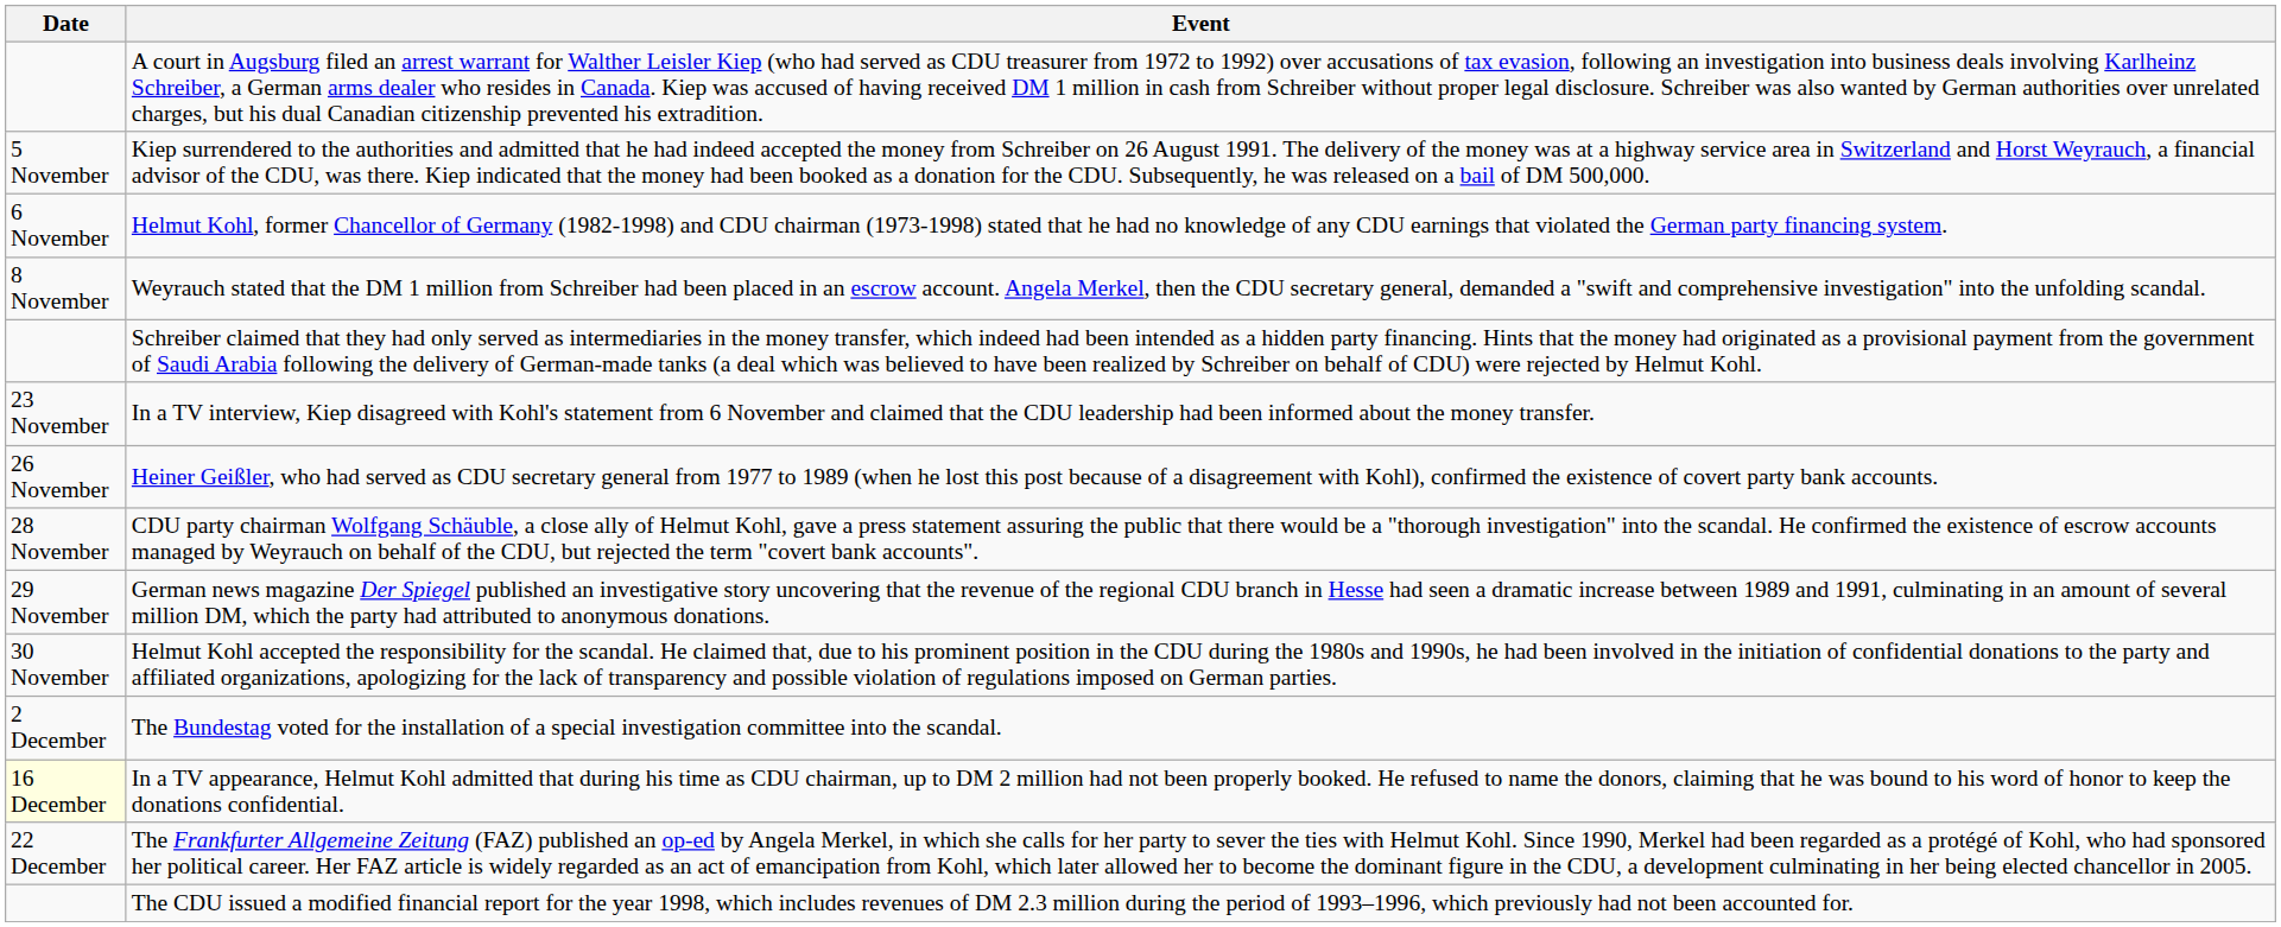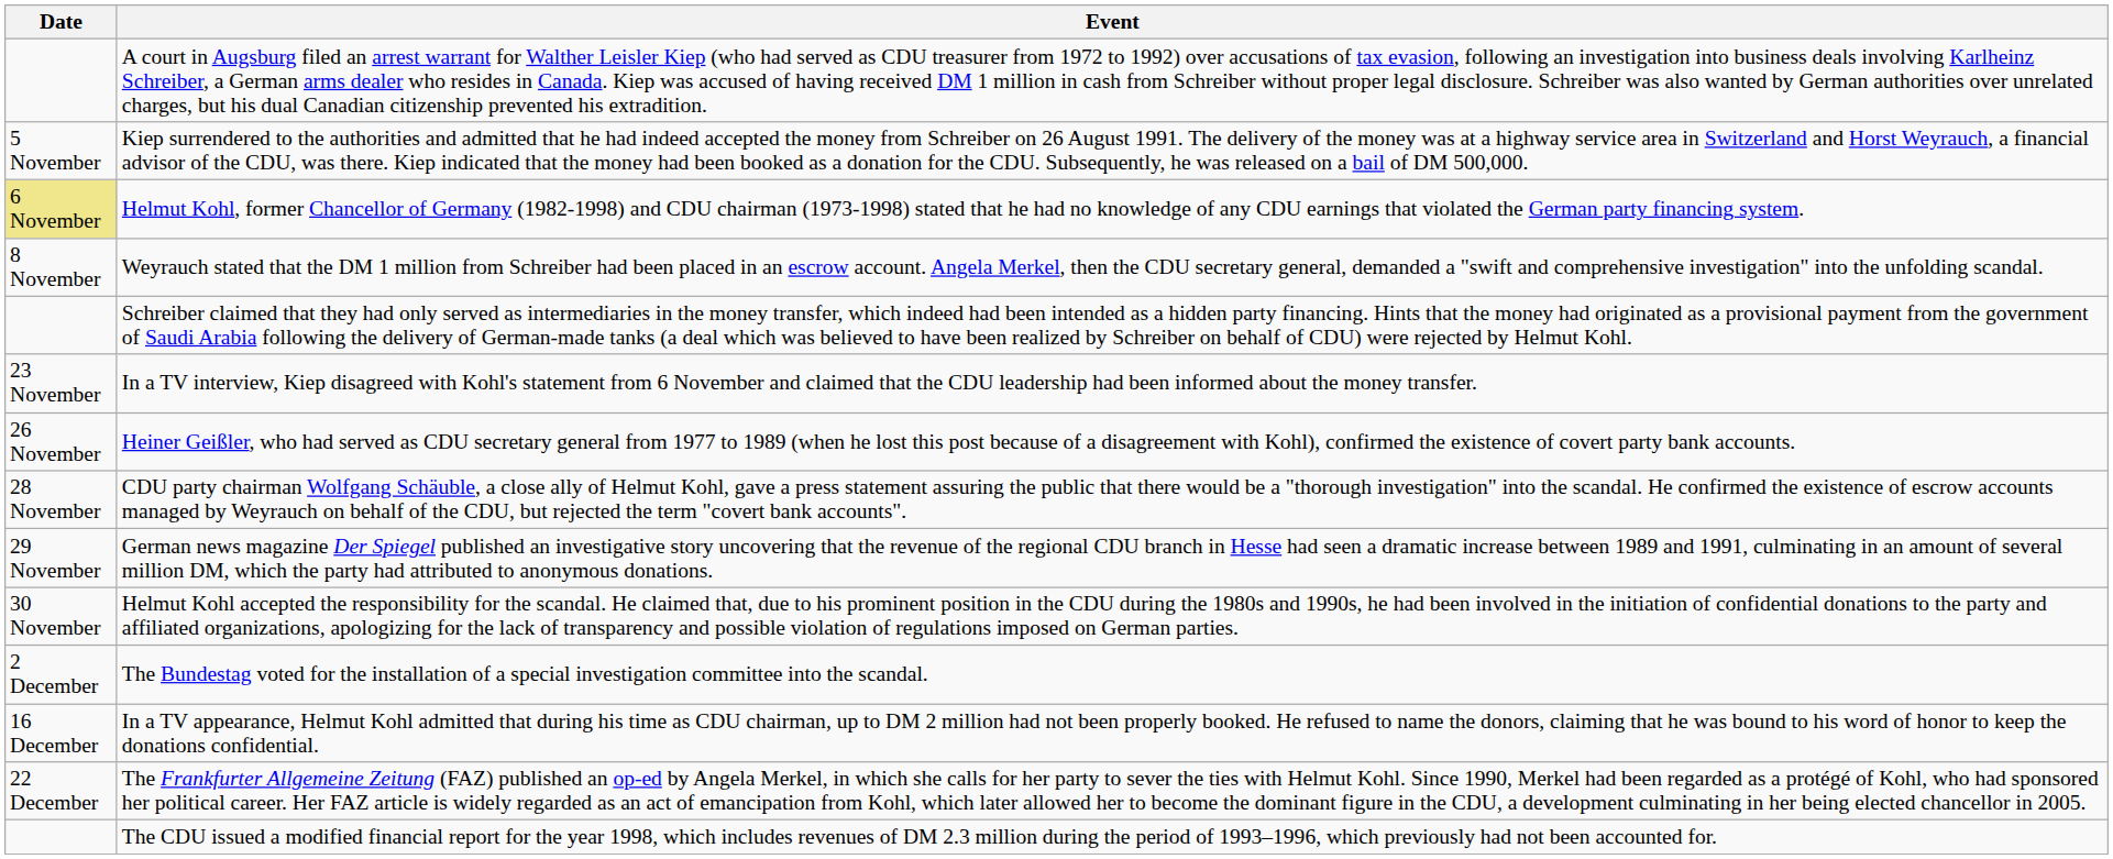 <table class="wikitable">
 <tr>
 <th>Date</th>
 <th>Event</th>
 </tr>
 <tr>
 <td></td>
 <td>A court in <a href='#'>Augsburg</a> filed an <a href='#'>arrest warrant</a> for <a href='#'>Walther Leisler Kiep</a> (who had served as CDU treasurer from 1972 to 1992) over accusations of <a href='#'>tax evasion</a>, following an investigation into business deals involving <a href='#'>Karlheinz Schreiber</a>, a German <a href='#'>arms dealer</a> who resides in <a href='#'>Canada</a>. Kiep was accused of having received <a href='#'>DM</a> 1 million in cash from Schreiber without proper legal disclosure. Schreiber was also wanted by German authorities over unrelated charges, but his dual Canadian citizenship prevented his extradition.</td>
 </tr>
 <tr>
 <td>5 November</td>
 <td>Kiep surrendered to the authorities and admitted that he had indeed accepted the money from Schreiber on 26 August 1991. The delivery of the money was at a highway service area in <a href='#'>Switzerland</a> and <a href='#'>Horst Weyrauch</a>, a financial advisor of the CDU, was there. Kiep indicated that the money had been booked as a donation for the CDU. Subsequently, he was released on a <a href='#'>bail</a> of DM 500,000.</td>
 </tr>
 <tr>
-<td>6 November</td>
+<td style="background: khaki;">6 November</td>
 <td><a href='#'>Helmut Kohl</a>, former <a href='#'>Chancellor of Germany</a> (1982-1998) and CDU chairman (1973-1998) stated that he had no knowledge of any CDU earnings that violated the <a href='#'>German party financing system</a>.</td>
 </tr>
 <tr>
 <td>8 November</td>
 <td>Weyrauch stated that the DM 1 million from Schreiber had been placed in an <a href='#'>escrow</a> account. <a href='#'>Angela Merkel</a>, then the CDU secretary general, demanded a "swift and comprehensive investigation" into the unfolding scandal.</td>
 </tr>
 <tr>
 <td></td>
 <td>Schreiber claimed that they had only served as intermediaries in the money transfer, which indeed had been intended as a hidden party financing. Hints that the money had originated as a provisional payment from the government of <a href='#'>Saudi Arabia</a> following the delivery of German-made tanks (a deal which was believed to have been realized by Schreiber on behalf of CDU) were rejected by Helmut Kohl.</td>
 </tr>
 <tr>
 <td>23 November</td>
 <td>In a TV interview, Kiep disagreed with Kohl's statement from 6 November and claimed that the CDU leadership had been informed about the money transfer.</td>
 </tr>
 <tr>
 <td>26 November</td>
 <td><a href='#'>Heiner Geißler</a>, who had served as CDU secretary general from 1977 to 1989 (when he lost this post because of a disagreement with Kohl), confirmed the existence of covert party bank accounts.</td>
 </tr>
 <tr>
 <td>28 November</td>
 <td>CDU party chairman <a href='#'>Wolfgang Schäuble</a>, a close ally of Helmut Kohl, gave a press statement assuring the public that there would be a "thorough investigation" into the scandal. He confirmed the existence of escrow accounts managed by Weyrauch on behalf of the CDU, but rejected the term "covert bank accounts".</td>
 </tr>
 <tr>
 <td>29 November</td>
 <td>German news magazine <em><a href='#'>Der Spiegel</a></em> published an investigative story uncovering that the revenue of the regional CDU branch in <a href='#'>Hesse</a> had seen a dramatic increase between 1989 and 1991, culminating in an amount of several million DM, which the party had attributed to anonymous donations.</td>
 </tr>
 <tr>
 <td>30 November</td>
 <td>Helmut Kohl accepted the responsibility for the scandal. He claimed that, due to his prominent position in the CDU during the 1980s and 1990s, he had been involved in the initiation of confidential donations to the party and affiliated organizations, apologizing for the lack of transparency and possible violation of regulations imposed on German parties.</td>
 </tr>
 <tr>
 <td>2 December</td>
 <td>The <a href='#'>Bundestag</a> voted for the installation of a special investigation committee into the scandal.</td>
 </tr>
 <tr>
-<td style="background: lightyellow;">16 December</td>
+<td>16 December</td>
 <td>In a TV appearance, Helmut Kohl admitted that during his time as CDU chairman, up to DM 2 million had not been properly booked. He refused to name the donors, claiming that he was bound to his word of honor to keep the donations confidential.</td>
 </tr>
 <tr>
 <td>22 December</td>
 <td>The <em><a href='#'>Frankfurter Allgemeine Zeitung</a></em> (FAZ) published an <a href='#'>op-ed</a> by Angela Merkel, in which she calls for her party to sever the ties with Helmut Kohl. Since 1990, Merkel had been regarded as a protégé of Kohl, who had sponsored her political career. Her FAZ article is widely regarded as an act of emancipation from Kohl, which later allowed her to become the dominant figure in the CDU, a development culminating in her being elected chancellor in 2005.</td>
 </tr>
 <tr>
 <td></td>
 <td>The CDU issued a modified financial report for the year 1998, which includes revenues of DM 2.3 million during the period of 1993–1996, which previously had not been accounted for.</td>
 </tr>
 <tr>
 </tr>
 </table>
